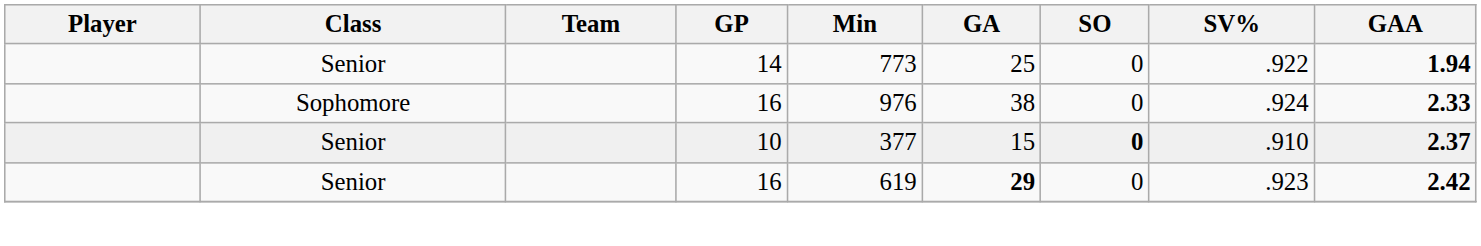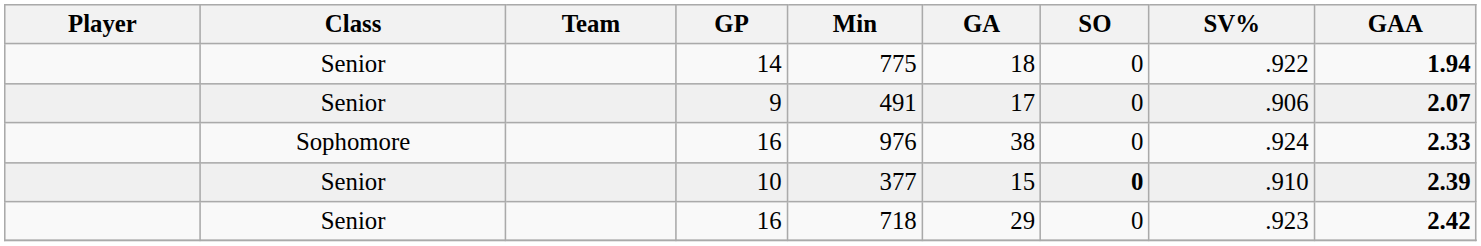 <table class="wikitable sortable" style="text-align: center; "width=60%">
 <tr>
 <th>Player</th>
 <th>Class</th>
 <th>Team</th>
 <th>GP</th>
 <th>Min</th>
 <th>GA</th>
 <th>SO</th>
 <th>SV%</th>
 <th>GAA</th>
 </tr>
 <tr>
 <td style="text-align: left"></td>
 <td>Senior</td>
 <td><strong><a href='#'></a></strong></td>
 <td style="text-align: right">14</td>
-<td style="text-align: right">773</td>
-<td style="text-align: right">25</td>
+<td style="text-align: right">775</td>
+<td style="text-align: right">18</td>
 <td style="text-align: right">0</td>
 <td style="text-align: right">.922</td>
 <td style="text-align: right"><strong>1.94</strong></td>
+</tr>
+<tr bgcolor=f0f0f0>
+<td style="text-align: left"></td>
+<td>Senior</td>
+<td><strong><a href='#'></a></strong></td>
+<td style="text-align: right">9</td>
+<td style="text-align: right">491</td>
+<td style="text-align: right">17</td>
+<td style="text-align: right">0</td>
+<td style="text-align: right">.906</td>
+<td style="text-align: right"><strong>2.07</strong></td>
 </tr>
 <tr>
 <td style="text-align: left"></td>
 <td>Sophomore</td>
 <td><strong><a href='#'></a></strong></td>
 <td style="text-align: right">16</td>
 <td style="text-align: right">976</td>
 <td style="text-align: right">38</td>
 <td style="text-align: right">0</td>
 <td style="text-align: right">.924</td>
 <td style="text-align: right"><strong>2.33</strong></td>
 </tr>
 <tr bgcolor=f0f0f0>
 <td style="text-align: left"></td>
 <td>Senior</td>
 <td><strong><a href='#'></a></strong></td>
 <td style="text-align: right">10</td>
 <td style="text-align: right">377</td>
 <td style="text-align: right">15</td>
 <td style="text-align: right"><strong>0</strong></td>
 <td style="text-align: right">.910</td>
-<td style="text-align: right"><strong>2.37</strong></td>
+<td style="text-align: right"><strong>2.39</strong></td>
 </tr>
 <tr>
 <td style="text-align: left"></td>
 <td>Senior</td>
 <td><strong><a href='#'></a></strong></td>
 <td style="text-align: right">16</td>
-<td style="text-align: right">619</td>
-<td style="text-align: right"><strong>29</strong></td>
+<td style="text-align: right">718</td>
+<td style="text-align: right">29</td>
 <td style="text-align: right">0</td>
 <td style="text-align: right">.923</td>
 <td style="text-align: right"><strong>2.42</strong></td>
 </tr>
 <tr>
 </tr>
 </table>
